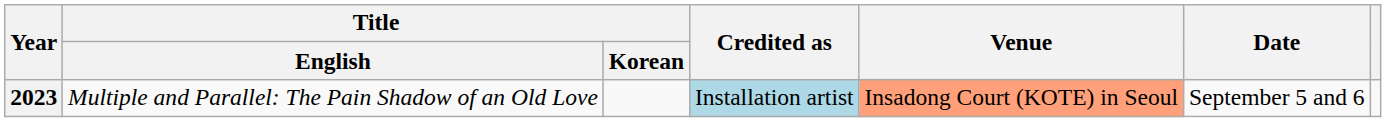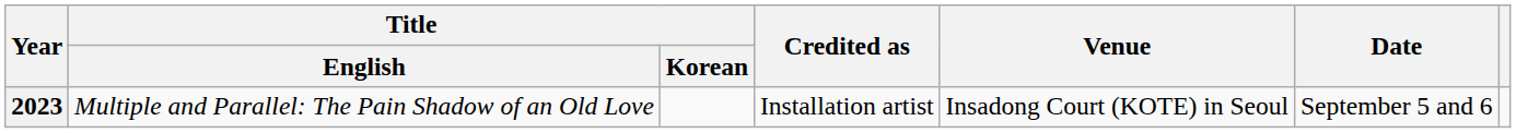 <table class="wikitable plainrowheaders">
 <tr>
 <th rowspan="2">Year</th>
 <th colspan="2">Title</th>
 <th rowspan="2">Credited as</th>
 <th rowspan="2">Venue</th>
 <th rowspan="2">Date</th>
 <th rowspan="2" class="unsortable"></th>
 </tr>
 <tr>
 <th>English</th>
 <th>Korean</th>
 </tr>
 <tr>
 <th scope="row">2023</th>
 <td><em>Multiple and Parallel: The Pain Shadow of an Old Love</em></td>
 <td></td>
-<td style="background: lightblue;">Installation artist</td>
-<td style="background: lightsalmon;">Insadong Court (KOTE) in Seoul</td>
+<td>Installation artist</td>
+<td>Insadong Court (KOTE) in Seoul</td>
 <td>September 5 and 6</td>
 <td></td>
 </tr>
 </table>
